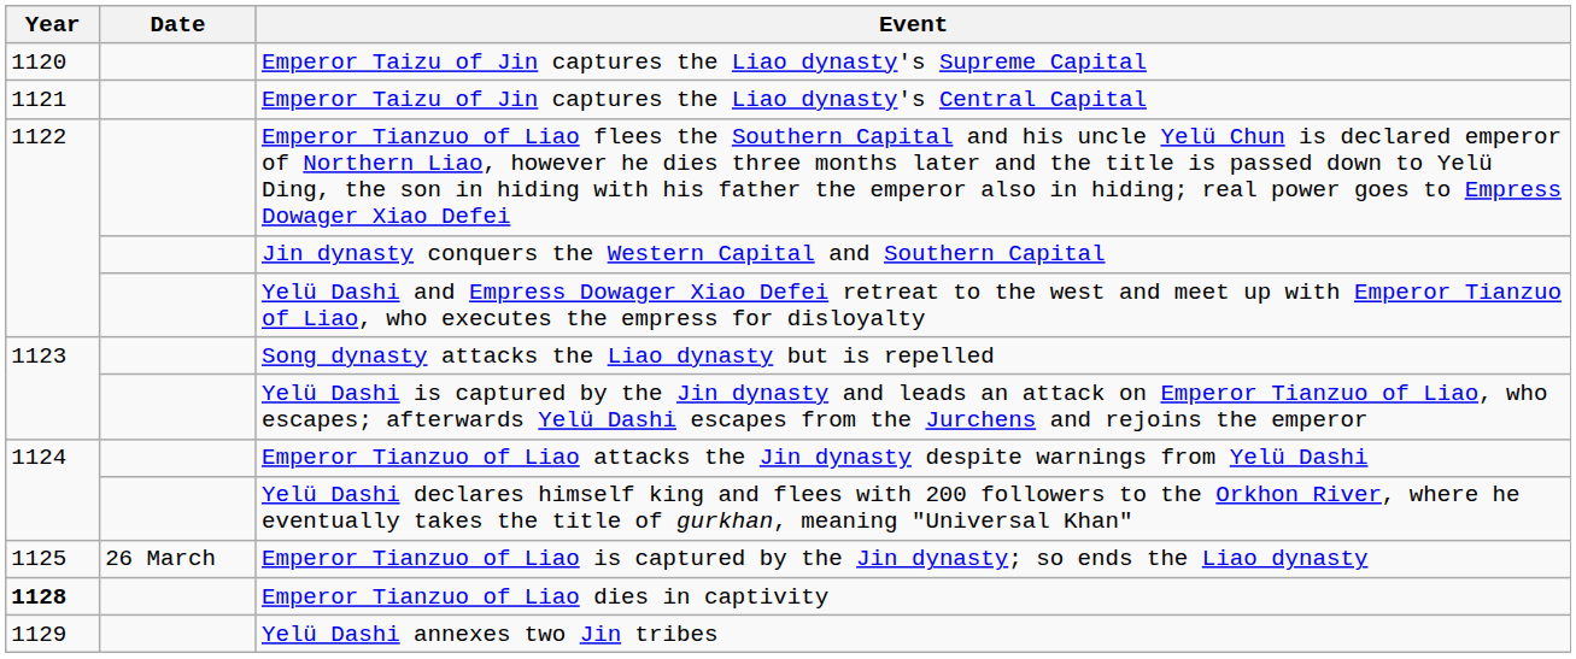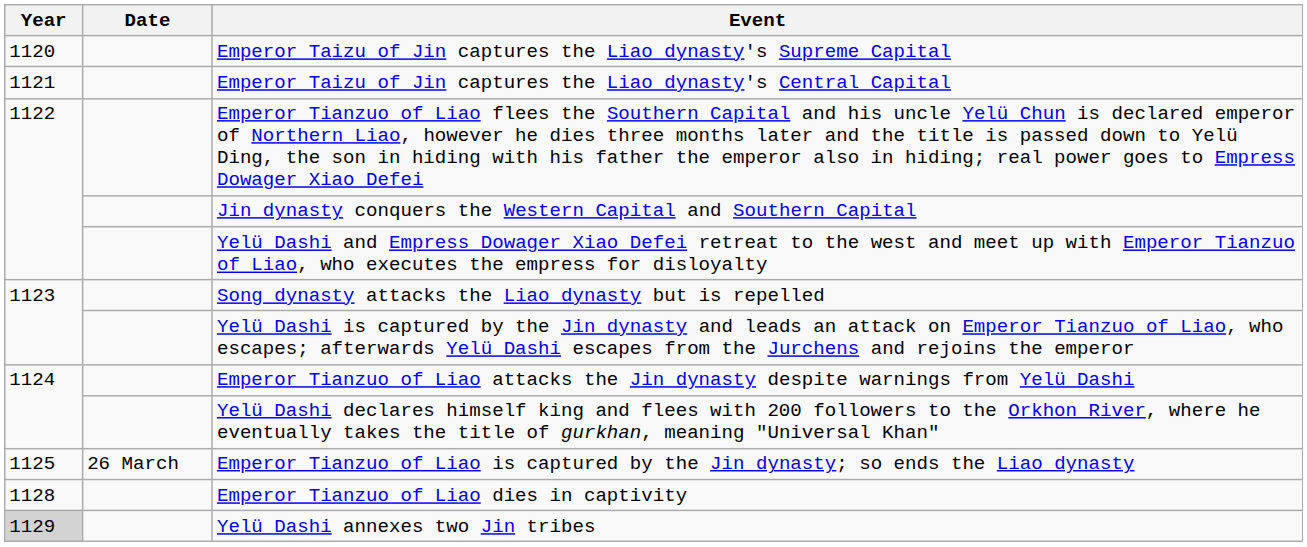 <table class="wikitable" width="100%">
 <tr>
 <th style="width:6%">Year</th>
 <th style="width:10%">Date</th>
 <th>Event</th>
 </tr>
 <tr>
 <td>1120</td>
 <td></td>
 <td><a href='#'>Emperor Taizu of Jin</a> captures the <a href='#'>Liao dynasty</a>'s <a href='#'>Supreme Capital</a></td>
 </tr>
 <tr>
 <td>1121</td>
 <td></td>
 <td><a href='#'>Emperor Taizu of Jin</a> captures the <a href='#'>Liao dynasty</a>'s <a href='#'>Central Capital</a></td>
 </tr>
 <tr>
 <td rowspan="3" valign="top">1122</td>
 <td></td>
 <td><a href='#'>Emperor Tianzuo of Liao</a> flees the <a href='#'>Southern Capital</a> and his uncle <a href='#'>Yelü Chun</a> is declared emperor of <a href='#'>Northern Liao</a>, however he dies three months later and the title is passed down to Yelü Ding, the son in hiding with his father the emperor also in hiding; real power goes to <a href='#'>Empress Dowager Xiao Defei</a></td>
 </tr>
 <tr>
 <td></td>
 <td><a href='#'>Jin dynasty</a> conquers the <a href='#'>Western Capital</a> and <a href='#'>Southern Capital</a></td>
 </tr>
 <tr>
 <td></td>
 <td><a href='#'>Yelü Dashi</a> and <a href='#'>Empress Dowager Xiao Defei</a> retreat to the west and meet up with <a href='#'>Emperor Tianzuo of Liao</a>, who executes the empress for disloyalty</td>
 </tr>
 <tr>
 <td rowspan="2" valign="top">1123</td>
 <td></td>
 <td><a href='#'>Song dynasty</a> attacks the <a href='#'>Liao dynasty</a> but is repelled</td>
 </tr>
 <tr>
 <td></td>
 <td><a href='#'>Yelü Dashi</a> is captured by the <a href='#'>Jin dynasty</a> and leads an attack on <a href='#'>Emperor Tianzuo of Liao</a>, who escapes; afterwards <a href='#'>Yelü Dashi</a> escapes from the <a href='#'>Jurchens</a> and rejoins the emperor</td>
 </tr>
 <tr>
 <td rowspan="2" valign="top">1124</td>
 <td></td>
 <td><a href='#'>Emperor Tianzuo of Liao</a> attacks the <a href='#'>Jin dynasty</a> despite warnings from <a href='#'>Yelü Dashi</a></td>
 </tr>
 <tr>
 <td></td>
 <td><a href='#'>Yelü Dashi</a> declares himself king and flees with 200 followers to the <a href='#'>Orkhon River</a>, where he eventually takes the title of <em>gurkhan</em>, meaning "Universal Khan"</td>
 </tr>
 <tr>
 <td>1125</td>
 <td>26 March</td>
 <td><a href='#'>Emperor Tianzuo of Liao</a> is captured by the <a href='#'>Jin dynasty</a>; so ends the <a href='#'>Liao dynasty</a></td>
 </tr>
 <tr>
-<td><strong>1128</strong></td>
+<td>1128</td>
 <td></td>
 <td><a href='#'>Emperor Tianzuo of Liao</a> dies in captivity</td>
 </tr>
 <tr>
-<td>1129</td>
+<td style="background: lightgrey;">1129</td>
 <td></td>
 <td><a href='#'>Yelü Dashi</a> annexes two <a href='#'>Jin</a> tribes</td>
 </tr>
 </table>
